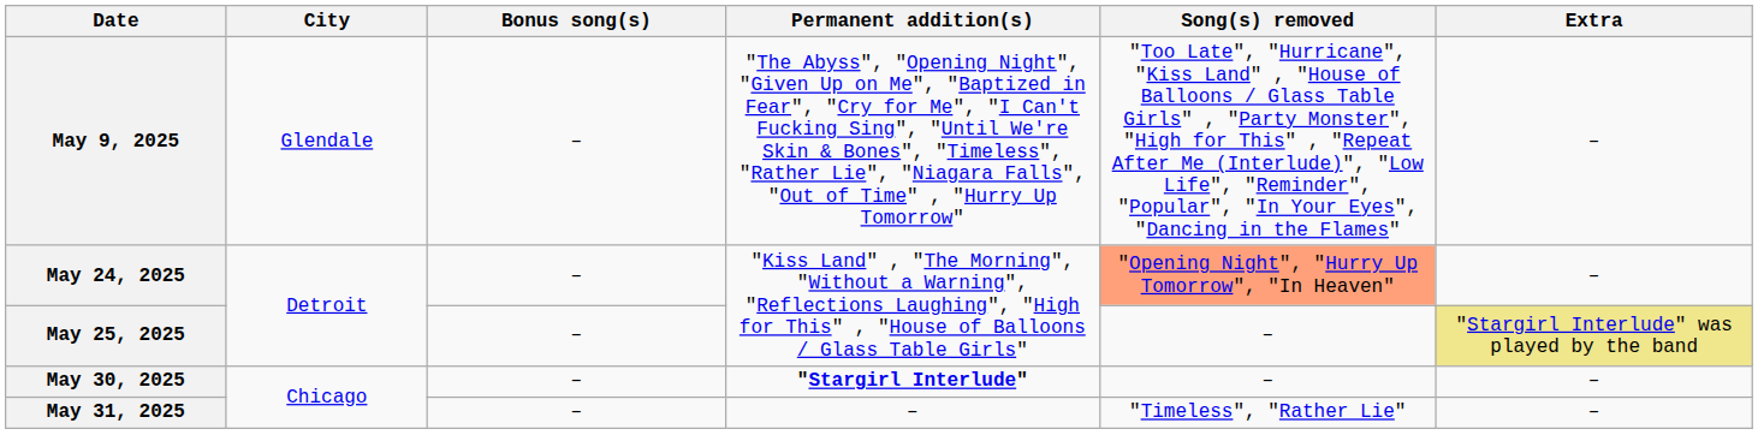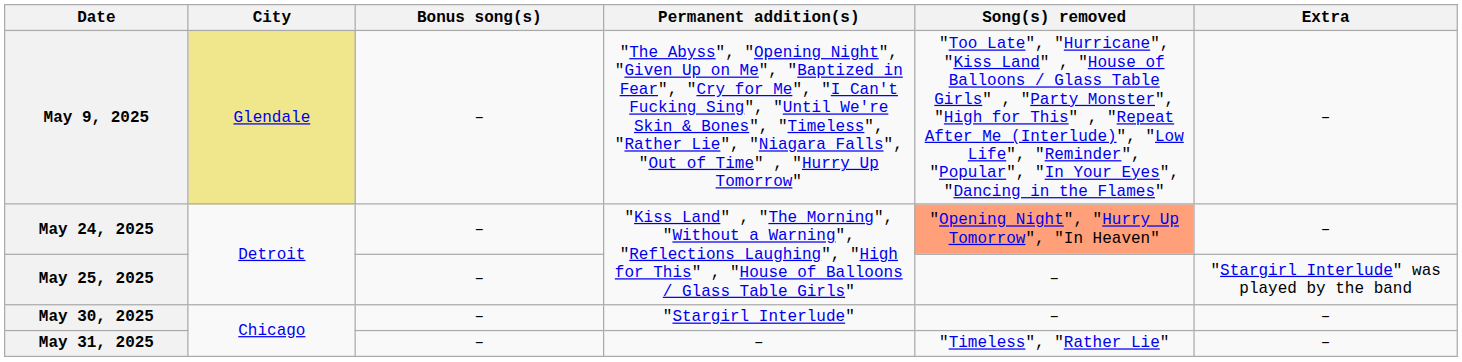 <table class="wikitable plainrowheaders mw-collapsible mw-collapsed" style="text-align:center; font-size:13px">
 <tr>
 <th scope="col" style="width:11em;">Date</th>
 <th scope="col" style="width:10em;">City</th>
 <th scope="col" style="width:15em;">Bonus song(s)</th>
 <th scope="col" style="width:19em;">Permanent addition(s)</th>
 <th scope="col" style="width:17em;">Song(s) removed</th>
 <th scope="col" style="width:16em;">Extra</th>
 </tr>
 <tr>
 <th scope="row" style="text-align:center;">May 9, 2025</th>
-<td><a href='#'>Glendale</a></td>
+<td style="background: khaki;"><a href='#'>Glendale</a></td>
 <td>–</td>
 <td>"<a href='#'>The Abyss</a>", "<a href='#'>Opening Night</a>", "<a href='#'>Given Up on Me</a>", "<a href='#'>Baptized in Fear</a>", "<a href='#'>Cry for Me</a>", "<a href='#'>I Can't Fucking Sing</a>", "<a href='#'>Until We're Skin & Bones</a>", "<a href='#'>Timeless</a>", "<a href='#'>Rather Lie</a>", "<a href='#'>Niagara Falls</a>", "<a href='#'>Out of Time</a>" , "<a href='#'>Hurry Up Tomorrow</a>"</td>
 <td>"<a href='#'>Too Late</a>", "<a href='#'>Hurricane</a>", "<a href='#'>Kiss Land</a>" , "<a href='#'>House of Balloons / Glass Table Girls</a>" , "<a href='#'>Party Monster</a>", "<a href='#'>High for This</a>" , "<a href='#'>Repeat After Me (Interlude)</a>", "<a href='#'>Low Life</a>", "<a href='#'>Reminder</a>", "<a href='#'>Popular</a>", "<a href='#'>In Your Eyes</a>", "<a href='#'>Dancing in the Flames</a>" </td>
 <td>–</td>
 </tr>
 <tr>
 <th scope="row" style="text-align:center;">May 24, 2025</th>
 <td rowspan="2"><a href='#'>Detroit</a></td>
 <td>–</td>
 <td rowspan="2">"<a href='#'>Kiss Land</a>" , "<a href='#'>The Morning</a>", "<a href='#'>Without a Warning</a>", "<a href='#'>Reflections Laughing</a>", "<a href='#'>High for This</a>" , "<a href='#'>House of Balloons / Glass Table Girls</a>" </td>
 <td style="background: lightsalmon;">"<a href='#'>Opening Night</a>", "<a href='#'>Hurry Up Tomorrow</a>", "In Heaven"</td>
 <td>–</td>
 </tr>
 <tr>
 <th scope="row" style="text-align:center;">May 25, 2025</th>
 <td>–</td>
 <td>–</td>
-<td style="background: khaki;">"<a href='#'>Stargirl Interlude</a>" was played by the band</td>
+<td>"<a href='#'>Stargirl Interlude</a>" was played by the band</td>
 </tr>
 <tr>
 <th scope="row" style="text-align:center;">May 30, 2025</th>
 <td rowspan="2"><a href='#'>Chicago</a></td>
 <td>–</td>
-<td><strong>"<a href='#'>Stargirl Interlude</a>"</strong></td>
+<td>"<a href='#'>Stargirl Interlude</a>"</td>
 <td>–</td>
 <td>–</td>
 </tr>
 <tr>
 <th scope="row" style="text-align:center;">May 31, 2025</th>
 <td>–</td>
 <td>–</td>
 <td>"<a href='#'>Timeless</a>", "<a href='#'>Rather Lie</a>"</td>
 <td>–</td>
 </tr>
 </table>
